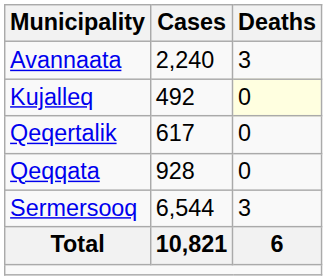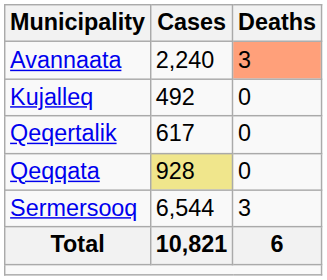 <table class="wikitable sortable">
 <tr>
 <th>Municipality</th>
 <th>Cases</th>
 <th>Deaths</th>
 </tr>
 <tr>
 <td><a href='#'>Avannaata</a></td>
 <td>2,240</td>
-<td>3</td>
+<td style="background: lightsalmon;">3</td>
 </tr>
 <tr>
 <td><a href='#'>Kujalleq</a></td>
 <td>492</td>
-<td style="background: lightyellow;">0</td>
+<td>0</td>
 </tr>
 <tr>
 <td><a href='#'>Qeqertalik</a></td>
 <td>617</td>
 <td>0</td>
 </tr>
 <tr>
 <td><a href='#'>Qeqqata</a></td>
-<td>928</td>
+<td style="background: khaki;">928</td>
 <td>0</td>
 </tr>
 <tr>
 <td><a href='#'>Sermersooq</a></td>
 <td>6,544</td>
 <td>3</td>
 </tr>
 <tr>
 <th><strong>Total</strong></th>
 <th>10,821</th>
 <th><strong>6</strong></th>
 </tr>
 <tr>
 <td colspan="3"></td>
 </tr>
 </table>
